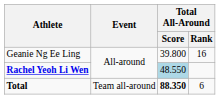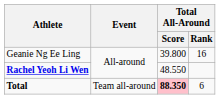 <table class="wikitable" style="font-size: 90%">
 <tr>
 <th rowspan="2">Athlete</th>
 <th rowspan="2">Event</th>
 <th colspan="2">Total<br>All-Around</th>
 </tr>
 <tr>
 <th>Score</th>
 <th>Rank</th>
 </tr>
 <tr align="center">
 <td align="left">Geanie Ng Ee Ling</td>
 <td rowspan="2">All-around</td>
 <td>39.800</td>
 <td>16</td>
 </tr>
 <tr align="center">
 <td align="left"><strong><a href='#'>Rachel Yeoh Li Wen</a></strong></td>
-<td style="background: lightblue;">48.550</td>
+<td>48.550</td>
 <td></td>
 </tr>
 <tr align="center">
 <td align="left"><strong>Total</strong></td>
 <td>Team all-around</td>
-<td><strong>88.350</strong></td>
+<td style="background: pink;"><strong>88.350</strong></td>
 <td>6</td>
 </tr>
 </table>
